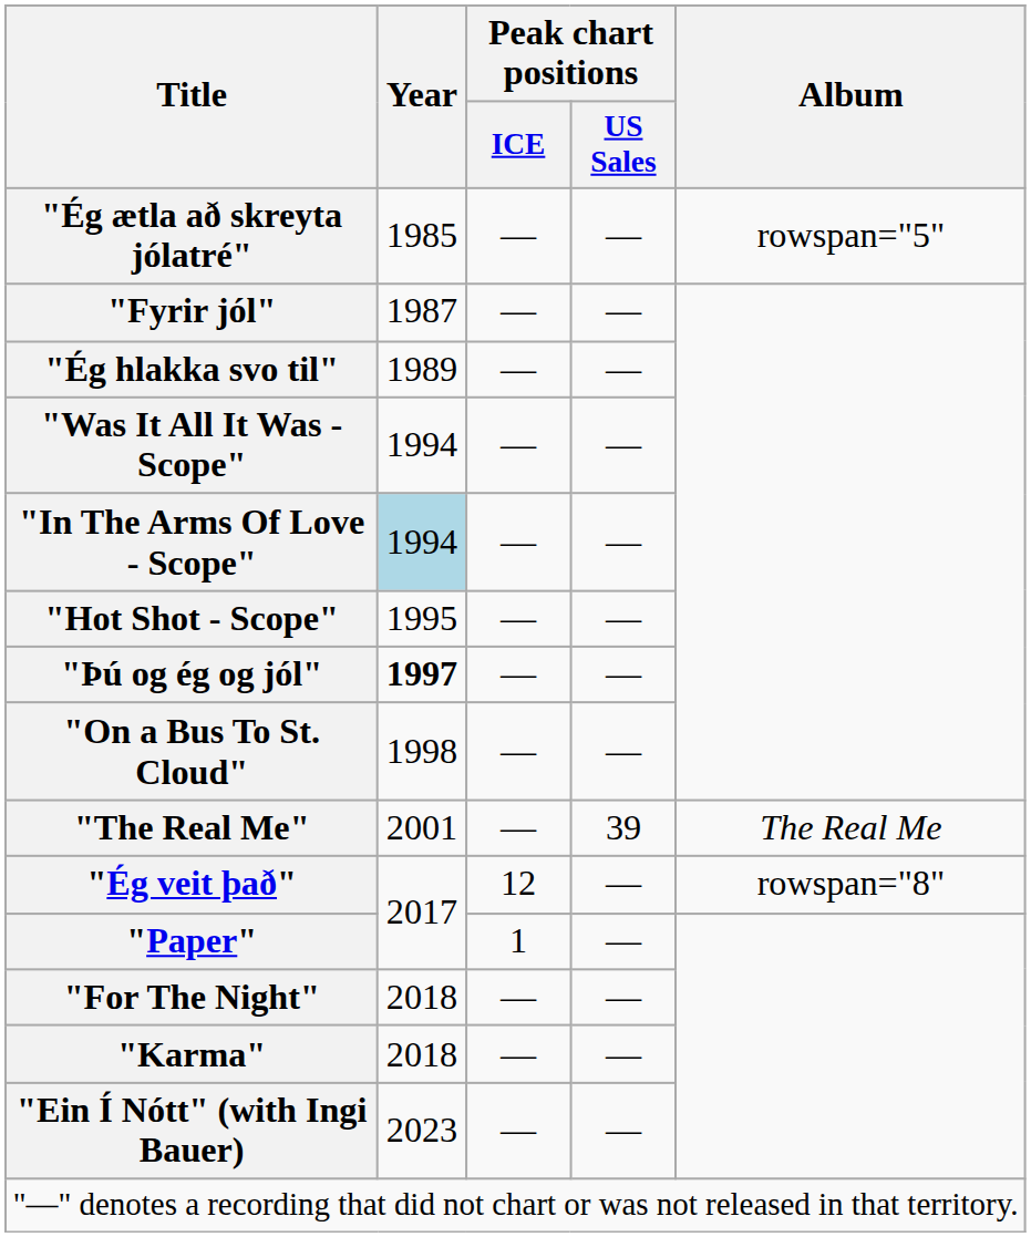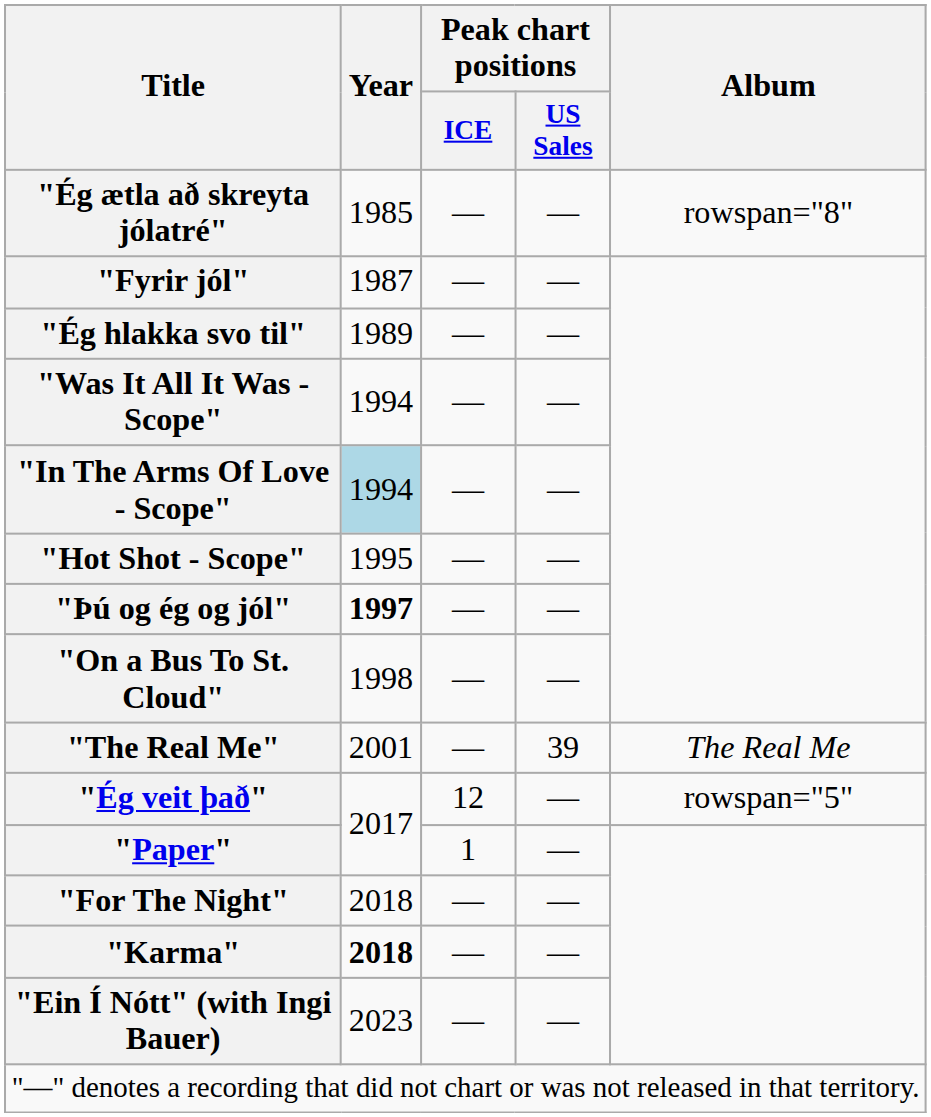 <table class="wikitable plainrowheaders" style="text-align:center;">
 <tr>
 <th scope="col" rowspan="2" style="width:10em;">Title</th>
 <th scope="col" rowspan="2" style="width:1em;">Year</th>
 <th scope="col" colspan="2">Peak chart positions</th>
 <th scope="col" rowspan="2">Album</th>
 </tr>
 <tr>
 <th scope="col" style="width:3em;font-size:85%;"><a href='#'>ICE</a><br></th>
 <th scope="col" style="width:3em;font-size:85%;"><a href='#'>US<br>Sales</a><br></th>
 </tr>
 <tr>
 <th scope="row">"Ég ætla að skreyta jólatré"</th>
 <td>1985</td>
 <td>—</td>
 <td>—</td>
-<td>rowspan="5" </td>
+<td>rowspan="8" </td>
 </tr>
 <tr>
 <th scope="row">"Fyrir jól"</th>
 <td>1987</td>
 <td>—</td>
 <td>—</td>
 </tr>
 <tr>
 <th scope="row">"Ég hlakka svo til"</th>
 <td>1989</td>
 <td>—</td>
 <td>—</td>
 </tr>
 <tr>
 <th scope="row">"Was It All It Was - Scope"</th>
 <td>1994</td>
 <td>—</td>
 <td>—</td>
 </tr>
 <tr>
 <th scope="row">"In The Arms Of Love - Scope"</th>
 <td style="background: lightblue;">1994</td>
 <td>—</td>
 <td>—</td>
 </tr>
 <tr>
 <th scope="row">"Hot Shot - Scope"</th>
 <td>1995</td>
 <td>—</td>
 <td>—</td>
 </tr>
 <tr>
 <th scope="row">"Þú og ég og jól"</th>
 <td><strong>1997</strong></td>
 <td>—</td>
 <td>—</td>
 </tr>
 <tr>
 <th scope="row">"On a Bus To St. Cloud"</th>
 <td>1998</td>
 <td>—</td>
 <td>—</td>
 </tr>
 <tr>
 <th scope="row">"The Real Me"</th>
 <td>2001</td>
 <td>—</td>
 <td>39</td>
 <td><em>The Real Me</em></td>
 </tr>
 <tr>
 <th scope="row">"<a href='#'>Ég veit það</a>"</th>
 <td rowspan="2">2017</td>
 <td>12</td>
 <td>—</td>
-<td>rowspan="8" </td>
+<td>rowspan="5" </td>
 </tr>
 <tr>
 <th scope="row">"<a href='#'>Paper</a>"</th>
 <td>1</td>
 <td>—</td>
 </tr>
 <tr>
 <th scope="row">"For The Night"</th>
 <td>2018</td>
 <td>—</td>
 <td>—</td>
 </tr>
 <tr>
 <th scope="row">"Karma"</th>
-<td>2018</td>
+<td><strong>2018</strong></td>
 <td>—</td>
 <td>—</td>
 </tr>
 <tr>
 <th scope="row">"Ein Í Nótt" (with Ingi Bauer)</th>
 <td>2023</td>
 <td>—</td>
 <td>—</td>
 </tr>
 <tr>
 <td colspan="14" style="font-size:90%">"—" denotes a recording that did not chart or was not released in that territory.</td>
 </tr>
 </table>
